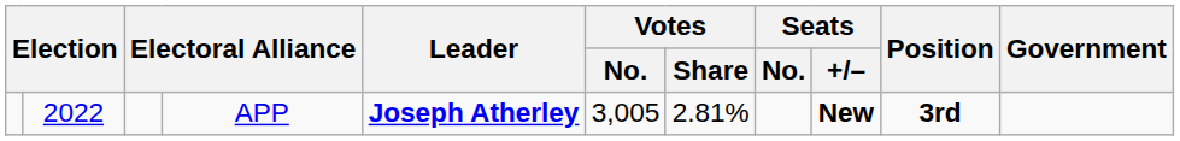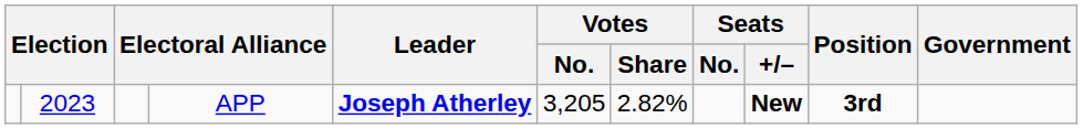 <table class="wikitable" style="text-align:center">
 <tr>
 <th colspan="2" rowspan="2">Election</th>
 <th colspan="3" rowspan="2">Electoral Alliance</th>
 <th rowspan="2">Leader</th>
 <th colspan="2">Votes</th>
 <th colspan="2">Seats</th>
 <th rowspan="2">Position</th>
 <th rowspan="2">Government</th>
 </tr>
 <tr>
 <th>No.</th>
 <th>Share</th>
 <th>No.</th>
 <th>+/–</th>
 </tr>
 <tr>
 <td></td>
-<td><a href='#'>2022</a></td>
+<td><a href='#'>2023</a></td>
 <td colspan="2" style="background:"></td>
 <td><a href='#'>APP</a></td>
 <td><strong><a href='#'>Joseph Atherley</a></strong></td>
-<td style="text-align:right;">3,005</td>
-<td style="text-align:right;">2.81%</td>
+<td style="text-align:right;">3,205</td>
+<td style="text-align:right;">2.82%</td>
 <td></td>
 <td><strong>New</strong></td>
 <td><strong>3rd</strong></td>
 <td></td>
 </tr>
 </table>
